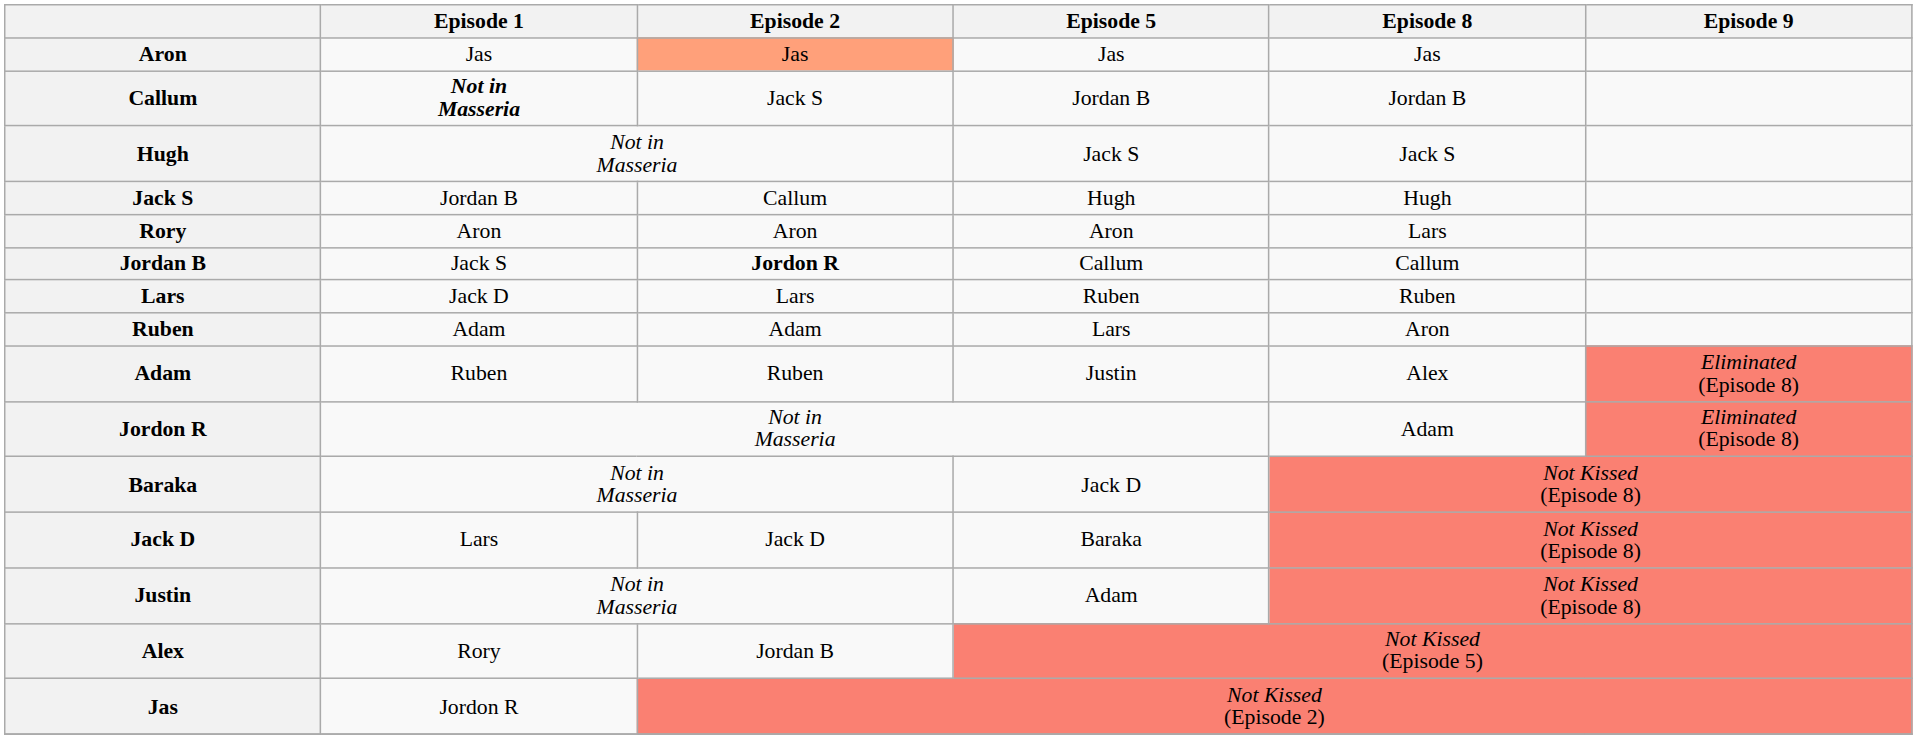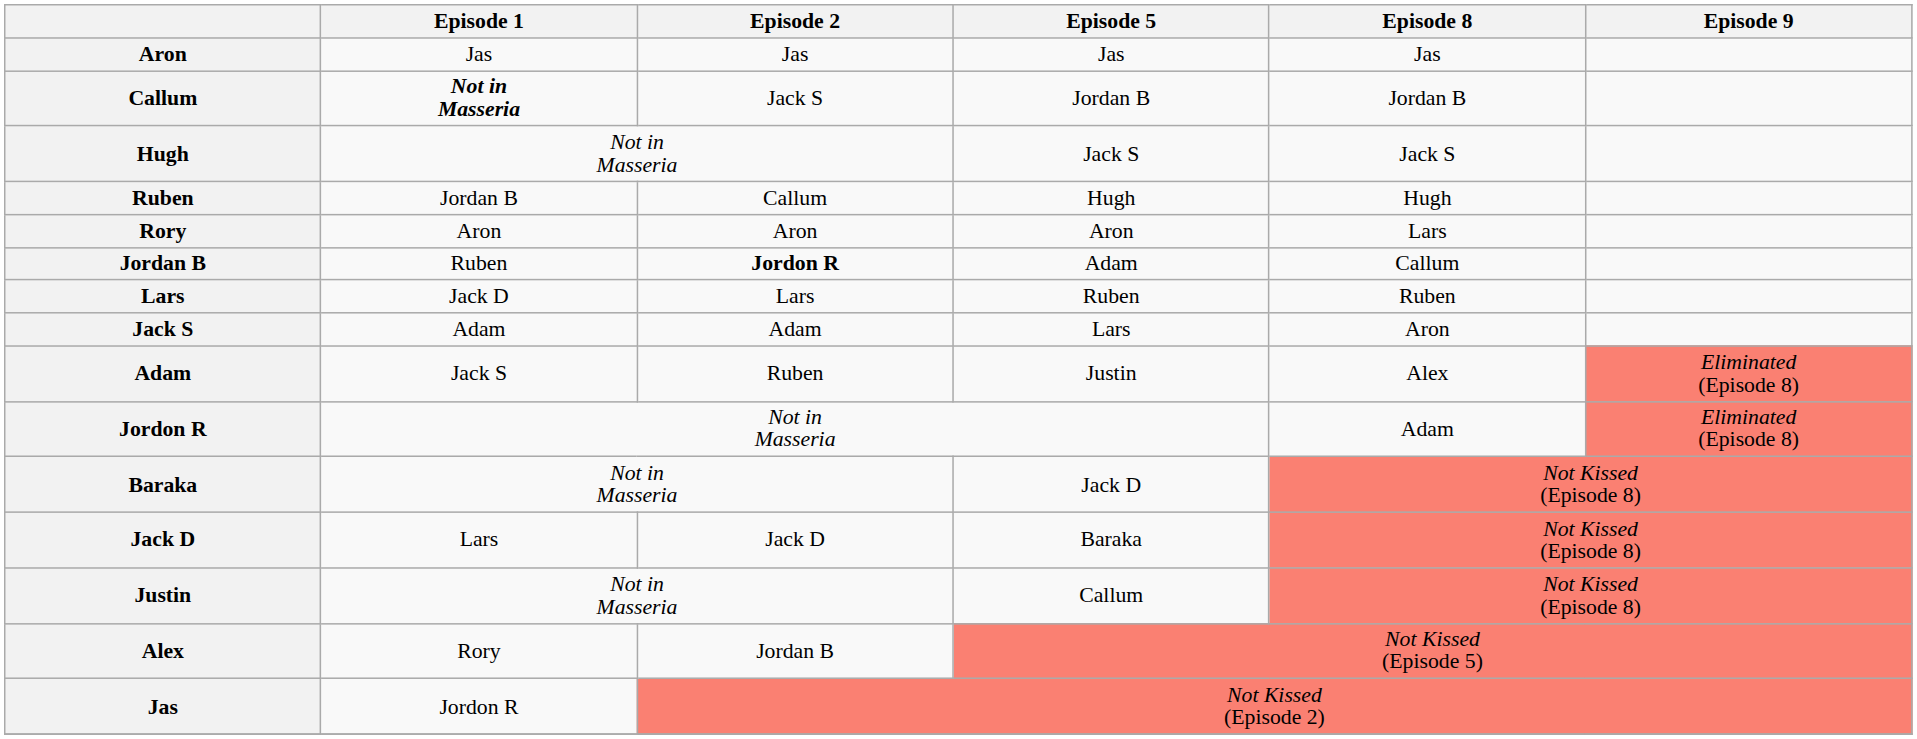 <table class="wikitable nowrap" style="text-align:center; font-size:90%; line-height:15px; width:100%">
 <tr>
 <th style="width:5%"></th>
 <th style="width:5%">Episode 1</th>
 <th style="width:5%">Episode 2</th>
 <th style="width:5%">Episode 5</th>
 <th style="width:5%">Episode 8</th>
 <th style="width:5%">Episode 9</th>
 </tr>
 <tr>
 <th>Aron</th>
 <td>Jas</td>
-<td style="background: lightsalmon;">Jas</td>
+<td>Jas</td>
 <td>Jas</td>
 <td>Jas</td>
 <td></td>
 </tr>
 <tr>
 <th>Callum</th>
 <td><strong><em>Not in <br> Masseria</em></strong></td>
 <td>Jack S</td>
 <td>Jordan B</td>
 <td>Jordan B</td>
 <td></td>
 </tr>
 <tr>
 <th>Hugh</th>
 <td colspan="2"><em>Not in <br> Masseria</em></td>
 <td>Jack S</td>
 <td>Jack S</td>
 <td></td>
 </tr>
 <tr>
-<th>Jack S</th>
+<th>Ruben</th>
 <td>Jordan B</td>
 <td>Callum</td>
 <td>Hugh</td>
 <td>Hugh</td>
 <td></td>
 </tr>
 <tr>
 <th>Rory</th>
 <td>Aron</td>
 <td>Aron</td>
 <td>Aron</td>
 <td>Lars</td>
 <td></td>
 </tr>
 <tr>
 <th>Jordan B</th>
-<td>Jack S</td>
+<td>Ruben</td>
 <td><strong>Jordon R</strong></td>
-<td>Callum</td>
+<td>Adam</td>
 <td>Callum</td>
 <td></td>
 </tr>
 <tr>
 <th>Lars</th>
 <td>Jack D</td>
 <td>Lars</td>
 <td>Ruben</td>
 <td>Ruben</td>
 <td></td>
 </tr>
 <tr>
-<th>Ruben</th>
+<th>Jack S</th>
 <td>Adam</td>
 <td>Adam</td>
 <td>Lars</td>
 <td>Aron</td>
 <td></td>
 </tr>
 <tr>
 <th>Adam</th>
-<td>Ruben</td>
+<td>Jack S</td>
 <td>Ruben</td>
 <td>Justin</td>
 <td>Alex</td>
 <td style="background:salmon;"><em>Eliminated</em><br> (Episode 8)</td>
 </tr>
 <tr>
 <th>Jordon R</th>
 <td colspan="3"><em>Not in <br> Masseria</em></td>
 <td>Adam</td>
 <td style="background:salmon;"><em>Eliminated</em><br> (Episode 8)</td>
 </tr>
 <tr>
 <th>Baraka</th>
 <td colspan="2"><em>Not in <br> Masseria</em></td>
 <td>Jack D</td>
 <td colspan="2" style="background:salmon;"><em>Not Kissed</em><br> (Episode 8)</td>
 </tr>
 <tr>
 <th>Jack D</th>
 <td>Lars</td>
 <td>Jack D</td>
 <td>Baraka</td>
 <td colspan="2" style="background:salmon;"><em>Not Kissed</em><br> (Episode 8)</td>
 </tr>
 <tr>
 <th>Justin</th>
 <td colspan="2"><em>Not in <br> Masseria</em></td>
-<td>Adam</td>
+<td>Callum</td>
 <td colspan="2" style="background:salmon;"><em>Not Kissed</em><br> (Episode 8)</td>
 </tr>
 <tr>
 <th>Alex</th>
 <td>Rory</td>
 <td>Jordan B</td>
 <td colspan="3" style="background:salmon;"><em>Not Kissed</em><br> (Episode 5)</td>
 </tr>
 <tr>
 <th>Jas</th>
 <td>Jordon R</td>
 <td colspan="4" style="background:salmon;"><em>Not Kissed</em><br> (Episode 2)</td>
 </tr>
 <tr>
 </tr>
 </table>
